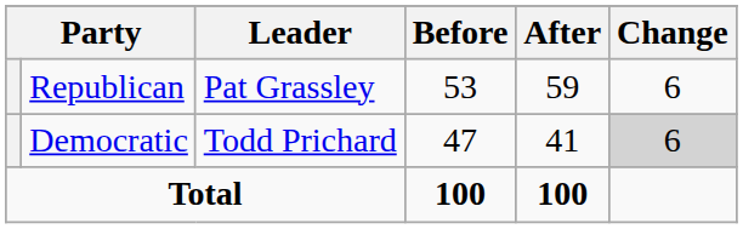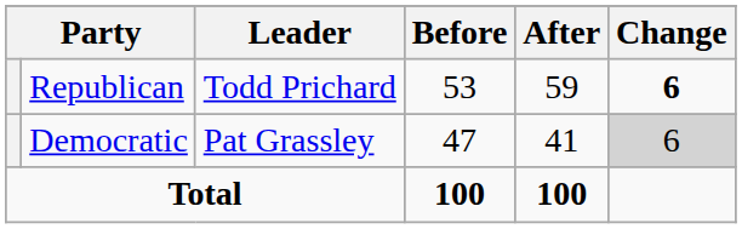 <table class="wikitable" style="text-align:center;">
 <tr>
 </tr>
 <tr>
 <th colspan=2>Party</th>
 <th>Leader</th>
 <th>Before</th>
 <th>After</th>
 <th>Change</th>
 </tr>
 <tr>
 <th style="background-color:"></th>
 <td style="text-align:left;"><a href='#'>Republican</a></td>
-<td style="text-align:left;"><a href='#'>Pat Grassley</a></td>
+<td style="text-align:left;"><a href='#'>Todd Prichard</a></td>
 <td>53</td>
 <td>59</td>
-<td> 6</td>
+<td><strong> 6</strong></td>
 </tr>
 <tr>
 <th style="background-color:"></th>
 <td style="text-align:left;"><a href='#'>Democratic</a></td>
-<td style="text-align:left;"><a href='#'>Todd Prichard</a></td>
+<td style="text-align:left;"><a href='#'>Pat Grassley</a></td>
 <td>47</td>
 <td>41</td>
 <td style="background: lightgrey;"> 6</td>
 </tr>
 <tr>
 <td colspan=3><strong>Total</strong></td>
 <td><strong>100</strong></td>
 <td><strong>100</strong></td>
 <td></td>
 </tr>
 </table>
